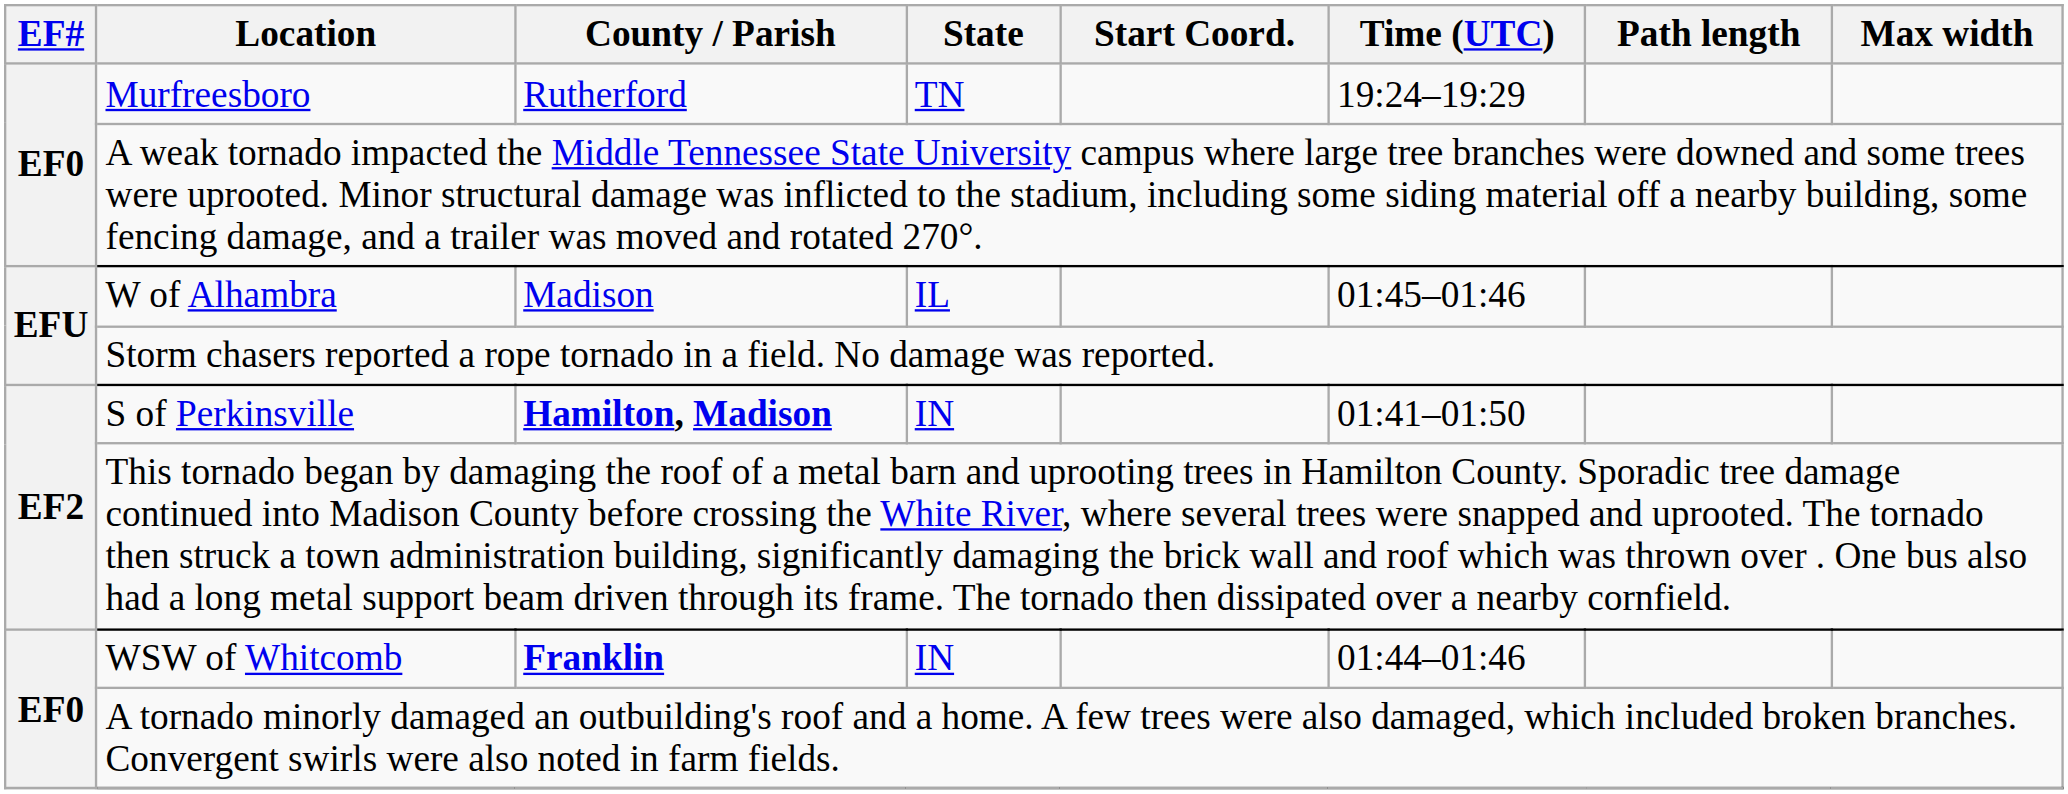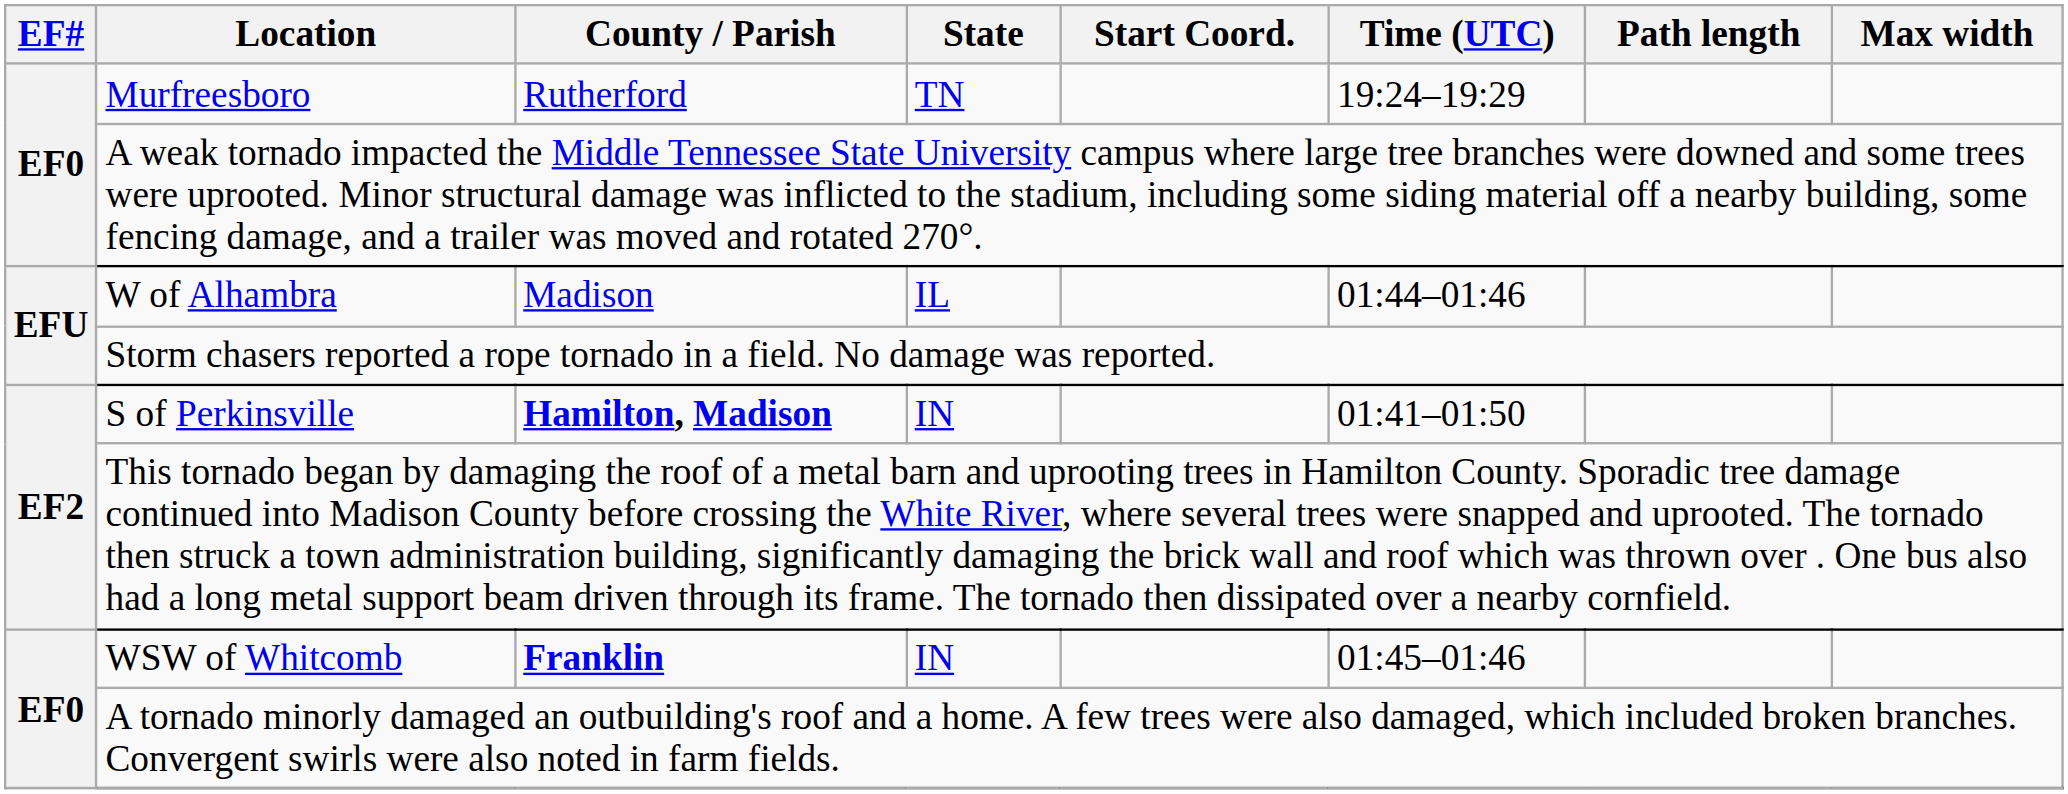 <table class="wikitable sortable" style="width:100%;">
 <tr>
 <th scope="col" width="2%" align="center"><a href='#'>EF#</a></th>
 <th scope="col" align="center" class="unsortable">Location</th>
 <th scope="col" align="center" class="unsortable">County / Parish</th>
 <th scope="col" align="center">State</th>
 <th scope="col" align="center">Start Coord.</th>
 <th scope="col" align="center">Time (<a href='#'>UTC</a>)</th>
 <th scope="col" align="center">Path length</th>
 <th scope="col" align="center">Max width</th>
 </tr>
 <tr>
 <th scope="row" rowspan="2" style="background-color:#">EF0</th>
 <td><a href='#'>Murfreesboro</a></td>
 <td><a href='#'>Rutherford</a></td>
 <td><a href='#'>TN</a></td>
 <td></td>
 <td>19:24–19:29</td>
 <td></td>
 <td></td>
 </tr>
 <tr class="expand-child">
 <td colspan="8" style=" border-bottom: 1px solid black;">A weak tornado impacted the <a href='#'>Middle Tennessee State University</a> campus where large tree branches were downed and some trees were uprooted. Minor structural damage was inflicted to the stadium, including some siding material off a nearby building, some fencing damage, and a trailer was moved  and rotated 270°.</td>
 </tr>
 <tr>
 <th scope="row" rowspan="2" style="background-color:#">EFU</th>
 <td>W of <a href='#'>Alhambra</a></td>
 <td><a href='#'>Madison</a></td>
 <td><a href='#'>IL</a></td>
 <td></td>
-<td>01:45–01:46</td>
+<td>01:44–01:46</td>
 <td></td>
 <td></td>
 </tr>
 <tr class="expand-child">
 <td colspan="8" style=" border-bottom: 1px solid black;">Storm chasers reported a rope tornado in a field. No damage was reported.</td>
 </tr>
 <tr>
 <th scope="row" rowspan="2" style="background-color:#">EF2</th>
 <td>S of <a href='#'>Perkinsville</a></td>
 <td><strong><a href='#'>Hamilton</a>, <a href='#'>Madison</a></strong></td>
 <td><a href='#'>IN</a></td>
 <td></td>
 <td>01:41–01:50</td>
 <td></td>
 <td></td>
 </tr>
 <tr class="expand-child">
 <td colspan="8" style=" border-bottom: 1px solid black;">This tornado began by damaging the roof of a metal barn and uprooting trees in Hamilton County. Sporadic tree damage continued into Madison County before crossing the <a href='#'>White River</a>, where several trees were snapped and uprooted. The tornado then struck a town administration building, significantly damaging the brick wall and roof which was thrown over . One bus also had a long metal support beam driven through its frame. The tornado then dissipated over a nearby cornfield.</td>
 </tr>
 <tr>
 <th scope="row" rowspan="2" style="background-color:#">EF0</th>
 <td>WSW of <a href='#'>Whitcomb</a></td>
 <td><strong><a href='#'>Franklin</a></strong></td>
 <td><a href='#'>IN</a></td>
 <td></td>
-<td>01:44–01:46</td>
+<td>01:45–01:46</td>
 <td></td>
 <td></td>
 </tr>
 <tr class="expand-child">
 <td colspan="8" style=" border-bottom: 1px solid black;">A tornado minorly damaged an outbuilding's roof and a home. A few trees were also damaged, which included broken branches. Convergent swirls were also noted in farm fields.</td>
 </tr>
 <tr>
 </tr>
 </table>
